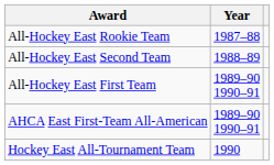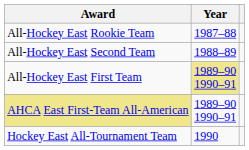 <table class="wikitable">
 <tr>
 <th>Award</th>
 <th>Year</th>
 <th></th>
 </tr>
 <tr>
 <td>All-<a href='#'>Hockey East</a> <a href='#'>Rookie Team</a></td>
 <td><a href='#'>1987–88</a></td>
 <td></td>
 </tr>
 <tr>
 <td>All-<a href='#'>Hockey East</a> <a href='#'>Second Team</a></td>
 <td><a href='#'>1988–89</a></td>
 <td></td>
 </tr>
 <tr>
 <td>All-<a href='#'>Hockey East</a> <a href='#'>First Team</a></td>
-<td><a href='#'>1989–90</a><br><a href='#'>1990–91</a></td>
+<td style="background: khaki;"><a href='#'>1989–90</a><br><a href='#'>1990–91</a></td>
 <td></td>
 </tr>
 <tr>
-<td><a href='#'>AHCA</a> <a href='#'>East First-Team All-American</a></td>
+<td style="background: khaki;"><a href='#'>AHCA</a> <a href='#'>East First-Team All-American</a></td>
 <td><a href='#'>1989–90</a><br><a href='#'>1990–91</a></td>
 <td></td>
 </tr>
 <tr>
 <td><a href='#'>Hockey East</a> <a href='#'>All-Tournament Team</a></td>
 <td><a href='#'>1990</a></td>
 <td></td>
 </tr>
 </table>
